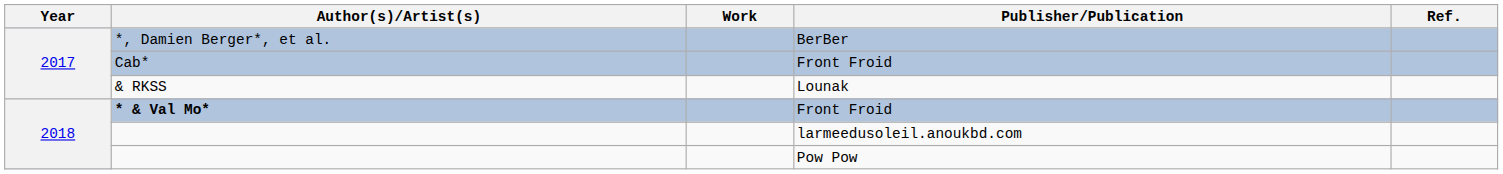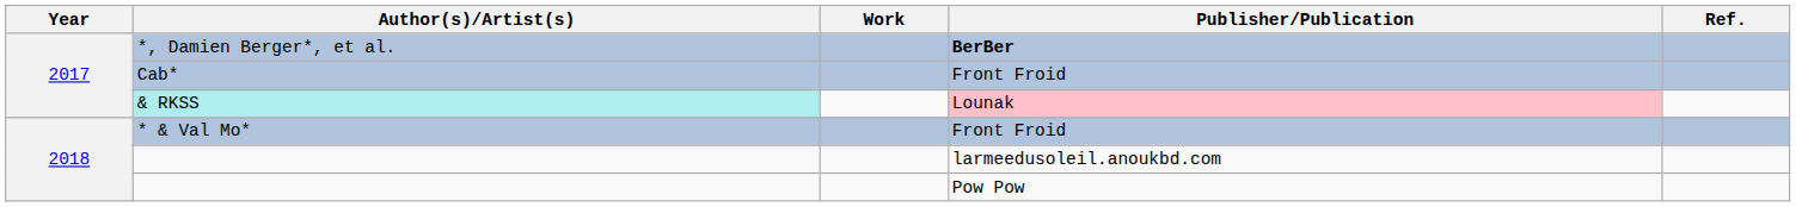 <table class="sortable wikitable" width="85%" cellpadding="5" style="margin: 1em auto 1em auto">
 <tr>
 <th scope="col">Year</th>
 <th scope="col">Author(s)/Artist(s)</th>
 <th scope="col">Work</th>
 <th scope="col">Publisher/Publication</th>
 <th class="unsortable">Ref.</th>
 </tr>
 <tr style="background:#B0C4DE;">
 <th rowspan="3" scope="row" align="center" style="font-weight:normal;"><a href='#'>2017</a></th>
 <td>*, Damien Berger*, et al.</td>
 <td></td>
-<td>BerBer</td>
+<td><strong>BerBer</strong></td>
 <td align="center"></td>
 </tr>
 <tr style="background:#B0C4DE;">
 <td>Cab*</td>
 <td></td>
 <td>Front Froid</td>
 <td align="center"></td>
 </tr>
 <tr>
-<td> & RKSS</td>
+<td style="background: paleturquoise;"> & RKSS</td>
 <td></td>
-<td>Lounak</td>
+<td style="background: pink;">Lounak</td>
 <td align="center"></td>
 </tr>
 <tr style="background:#B0C4DE;">
 <th rowspan="3" scope="row" align="center" style="font-weight:normal;"><a href='#'>2018</a></th>
-<td><strong>* & Val Mo*</strong></td>
+<td>* & Val Mo*</td>
 <td></td>
 <td>Front Froid</td>
 <td align="center"></td>
 </tr>
 <tr>
 <td></td>
 <td></td>
 <td>larmeedusoleil.anoukbd.com</td>
 <td align="center"></td>
 </tr>
 <tr>
 <td></td>
 <td></td>
 <td>Pow Pow</td>
 <td align="center"></td>
 </tr>
 </table>
